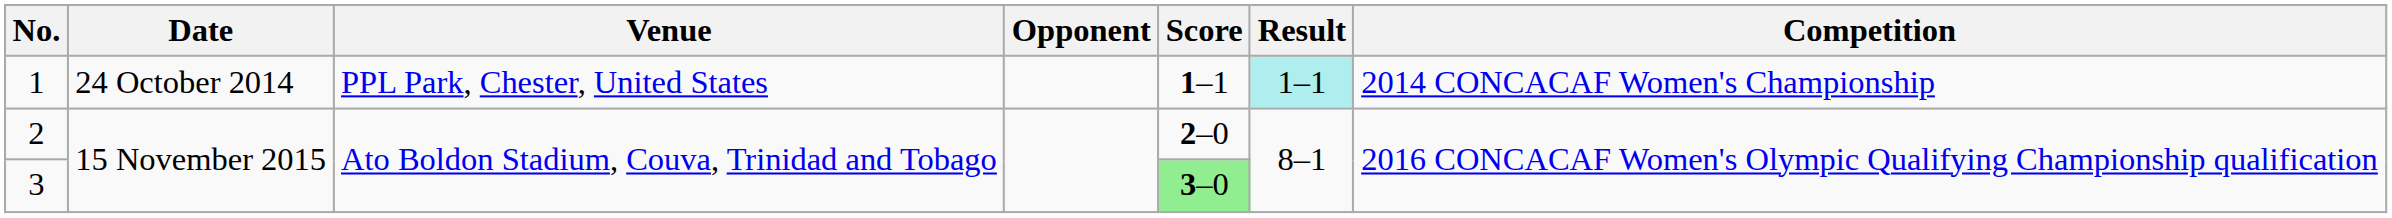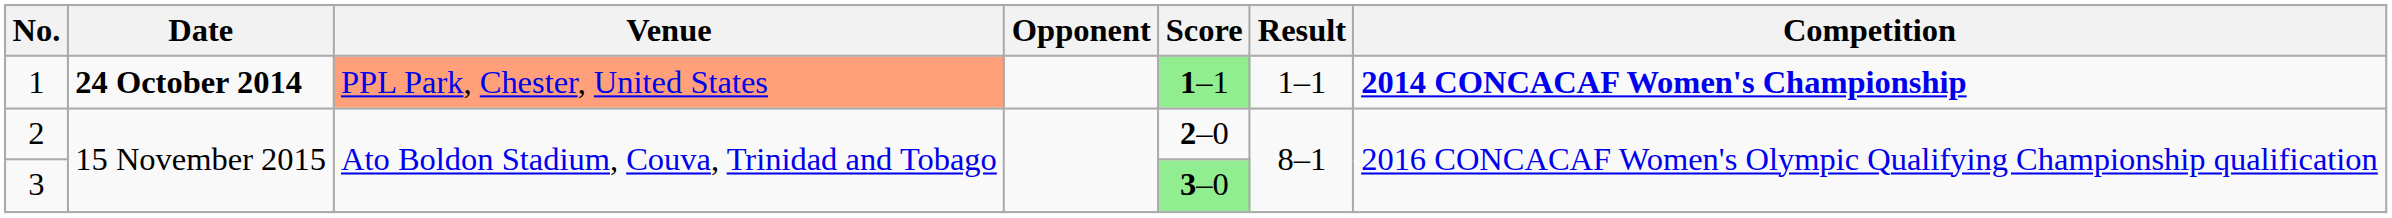 <table class="wikitable">
 <tr>
 <th>No.</th>
 <th>Date</th>
 <th>Venue</th>
 <th>Opponent</th>
 <th>Score</th>
 <th>Result</th>
 <th>Competition</th>
 </tr>
 <tr>
 <td style="text-align:center;">1</td>
-<td>24 October 2014</td>
-<td><a href='#'>PPL Park</a>, <a href='#'>Chester</a>, <a href='#'>United States</a></td>
+<td><strong>24 October 2014</strong></td>
+<td style="background: lightsalmon;"><a href='#'>PPL Park</a>, <a href='#'>Chester</a>, <a href='#'>United States</a></td>
 <td></td>
-<td style="text-align:center;"><strong>1</strong>–1</td>
-<td style="background: paleturquoise; text-align:center;">1–1</td>
-<td><a href='#'>2014 CONCACAF Women's Championship</a></td>
+<td style="background: lightgreen; text-align:center;"><strong>1</strong>–1</td>
+<td style="text-align:center;">1–1</td>
+<td><strong><a href='#'>2014 CONCACAF Women's Championship</a></strong></td>
 </tr>
 <tr>
 <td style="text-align:center;">2</td>
 <td rowspan=2>15 November 2015</td>
 <td rowspan=2><a href='#'>Ato Boldon Stadium</a>, <a href='#'>Couva</a>, <a href='#'>Trinidad and Tobago</a></td>
 <td rowspan=2></td>
 <td style="text-align:center;"><strong>2</strong>–0</td>
 <td rowspan=2 style="text-align:center;">8–1</td>
 <td rowspan=2><a href='#'>2016 CONCACAF Women's Olympic Qualifying Championship qualification</a></td>
 </tr>
 <tr style="text-align:center;">
 <td>3</td>
 <td style="background: lightgreen;"><strong>3</strong>–0</td>
 </tr>
 </table>
